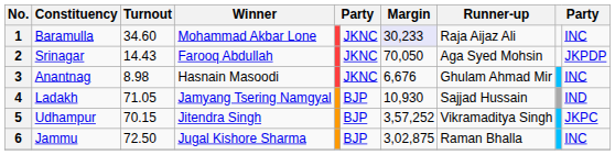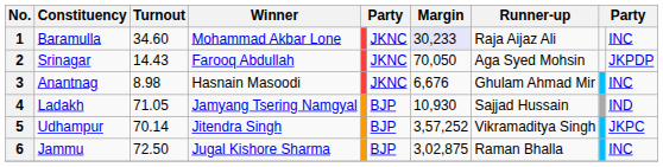 <table class="sortable wikitable">
 <tr>
 <th>No.</th>
 <th>Constituency</th>
 <th>Turnout<strong></strong></th>
 <th>Winner</th>
 <th colspan="2">Party</th>
 <th>Margin</th>
 <th>Runner-up</th>
 <th colspan="2">Party</th>
 </tr>
 <tr>
 <th>1</th>
 <td><a href='#'>Baramulla</a></td>
 <td>34.60 </td>
 <td><a href='#'>Mohammad Akbar Lone</a></td>
 <td bgcolor="#FF3D3D"></td>
 <td><a href='#'>JKNC</a></td>
 <td style="background: lavender;">30,233</td>
 <td>Raja Aijaz Ali</td>
 <td></td>
 <td><a href='#'>INC</a></td>
 </tr>
 <tr>
 <th>2</th>
 <td><a href='#'>Srinagar</a></td>
 <td>14.43 </td>
 <td><a href='#'>Farooq Abdullah</a></td>
 <td bgcolor="#FF3D3D"></td>
 <td><a href='#'>JKNC</a></td>
 <td>70,050</td>
 <td>Aga Syed Mohsin</td>
 <td></td>
 <td><a href='#'>JKPDP</a></td>
 </tr>
 <tr>
 <th>3</th>
 <td><a href='#'>Anantnag</a></td>
 <td>8.98 </td>
 <td>Hasnain Masoodi</td>
 <td bgcolor="FF3D3D"></td>
 <td><a href='#'>JKNC</a></td>
 <td>6,676</td>
 <td>Ghulam Ahmad Mir</td>
 <td bgcolor="#00BFFF"></td>
 <td><a href='#'>INC</a></td>
 </tr>
 <tr>
 <th>4</th>
 <td><a href='#'>Ladakh</a></td>
 <td>71.05 </td>
 <td><a href='#'>Jamyang Tsering Namgyal</a></td>
 <td bgcolor="#FF9900"></td>
 <td><a href='#'>BJP</a></td>
 <td>10,930</td>
 <td>Sajjad Hussain</td>
 <td bgcolor="darkgrey"></td>
 <td><a href='#'>IND</a></td>
 </tr>
 <tr>
 <th>5</th>
 <td><a href='#'>Udhampur</a></td>
-<td>70.15 </td>
+<td>70.14 </td>
 <td><a href='#'>Jitendra Singh</a></td>
 <td bgcolor="#FF9900"></td>
 <td><a href='#'>BJP</a></td>
 <td>3,57,252</td>
 <td>Vikramaditya Singh</td>
 <td bgcolor="#00BFFF"></td>
 <td><a href='#'>JKPC</a></td>
 </tr>
 <tr>
 <th>6</th>
 <td><a href='#'>Jammu</a></td>
 <td>72.50 </td>
 <td><a href='#'>Jugal Kishore Sharma</a></td>
 <td bgcolor="#FF9900"></td>
 <td><a href='#'>BJP</a></td>
 <td>3,02,875</td>
 <td>Raman Bhalla</td>
 <td bgcolor="#00BFFF"></td>
 <td><a href='#'>INC</a></td>
 </tr>
 <tr>
 </tr>
 </table>
